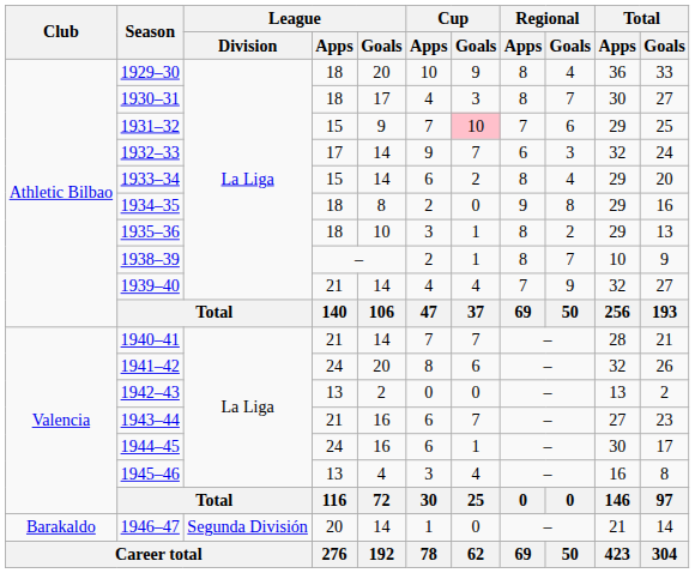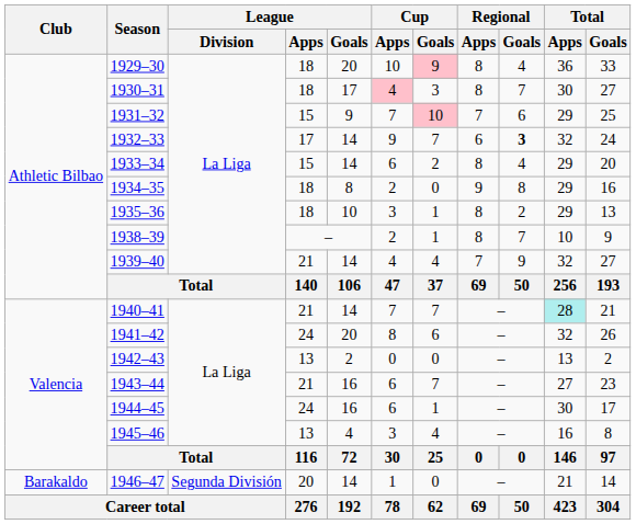 <table class="wikitable" style="text-align:center">
 <tr>
 <th rowspan="2">Club</th>
 <th rowspan="2">Season</th>
 <th colspan="3">League</th>
 <th colspan="2">Cup</th>
 <th colspan="2">Regional</th>
 <th colspan="2">Total</th>
 </tr>
 <tr>
 <th>Division</th>
 <th>Apps</th>
 <th>Goals</th>
 <th>Apps</th>
 <th>Goals</th>
 <th>Apps</th>
 <th>Goals</th>
 <th>Apps</th>
 <th>Goals</th>
 </tr>
 <tr>
 <td rowspan="10"><a href='#'>Athletic Bilbao</a></td>
 <td><a href='#'>1929–30</a></td>
 <td rowspan="9"><a href='#'>La Liga</a></td>
 <td>18</td>
 <td>20</td>
 <td>10</td>
-<td>9</td>
+<td style="background: pink;">9</td>
 <td>8</td>
 <td>4</td>
 <td>36</td>
 <td>33</td>
 </tr>
 <tr>
 <td><a href='#'>1930–31</a></td>
 <td>18</td>
 <td>17</td>
-<td>4</td>
+<td style="background: pink;">4</td>
 <td>3</td>
 <td>8</td>
 <td>7</td>
 <td>30</td>
 <td>27</td>
 </tr>
 <tr>
 <td><a href='#'>1931–32</a></td>
 <td>15</td>
 <td>9</td>
 <td>7</td>
 <td style="background: pink;">10</td>
 <td>7</td>
 <td>6</td>
 <td>29</td>
 <td>25</td>
 </tr>
 <tr>
 <td><a href='#'>1932–33</a></td>
 <td>17</td>
 <td>14</td>
 <td>9</td>
 <td>7</td>
 <td>6</td>
-<td>3</td>
+<td><strong>3</strong></td>
 <td>32</td>
 <td>24</td>
 </tr>
 <tr>
 <td><a href='#'>1933–34</a></td>
 <td>15</td>
 <td>14</td>
 <td>6</td>
 <td>2</td>
 <td>8</td>
 <td>4</td>
 <td>29</td>
 <td>20</td>
 </tr>
 <tr>
 <td><a href='#'>1934–35</a></td>
 <td>18</td>
 <td>8</td>
 <td>2</td>
 <td>0</td>
 <td>9</td>
 <td>8</td>
 <td>29</td>
 <td>16</td>
 </tr>
 <tr>
 <td><a href='#'>1935–36</a></td>
 <td>18</td>
 <td>10</td>
 <td>3</td>
 <td>1</td>
 <td>8</td>
 <td>2</td>
 <td>29</td>
 <td>13</td>
 </tr>
 <tr>
 <td><a href='#'>1938–39</a></td>
 <td colspan="2">–</td>
 <td>2</td>
 <td>1</td>
 <td>8</td>
 <td>7</td>
 <td>10</td>
 <td>9</td>
 </tr>
 <tr>
 <td><a href='#'>1939–40</a></td>
 <td>21</td>
 <td>14</td>
 <td>4</td>
 <td>4</td>
 <td>7</td>
 <td>9</td>
 <td>32</td>
 <td>27</td>
 </tr>
 <tr>
 <th colspan="2">Total</th>
 <th>140</th>
 <th>106</th>
 <th>47</th>
 <th>37</th>
 <th>69</th>
 <th>50</th>
 <th>256</th>
 <th>193</th>
 </tr>
 <tr>
 <td rowspan="7"><a href='#'>Valencia</a></td>
 <td><a href='#'>1940–41</a></td>
 <td rowspan="6">La Liga</td>
 <td>21</td>
 <td>14</td>
 <td>7</td>
 <td>7</td>
 <td colspan="2">–</td>
-<td>28</td>
+<td style="background: paleturquoise;">28</td>
 <td>21</td>
 </tr>
 <tr>
 <td><a href='#'>1941–42</a></td>
 <td>24</td>
 <td>20</td>
 <td>8</td>
 <td>6</td>
 <td colspan="2">–</td>
 <td>32</td>
 <td>26</td>
 </tr>
 <tr>
 <td><a href='#'>1942–43</a></td>
 <td>13</td>
 <td>2</td>
 <td>0</td>
 <td>0</td>
 <td colspan="2">–</td>
 <td>13</td>
 <td>2</td>
 </tr>
 <tr>
 <td><a href='#'>1943–44</a></td>
 <td>21</td>
 <td>16</td>
 <td>6</td>
 <td>7</td>
 <td colspan="2">–</td>
 <td>27</td>
 <td>23</td>
 </tr>
 <tr>
 <td><a href='#'>1944–45</a></td>
 <td>24</td>
 <td>16</td>
 <td>6</td>
 <td>1</td>
 <td colspan="2">–</td>
 <td>30</td>
 <td>17</td>
 </tr>
 <tr>
 <td><a href='#'>1945–46</a></td>
 <td>13</td>
 <td>4</td>
 <td>3</td>
 <td>4</td>
 <td colspan="2">–</td>
 <td>16</td>
 <td>8</td>
 </tr>
 <tr>
 <th colspan="2">Total</th>
 <th>116</th>
 <th>72</th>
 <th>30</th>
 <th>25</th>
 <th>0</th>
 <th>0</th>
 <th>146</th>
 <th>97</th>
 </tr>
 <tr>
 <td><a href='#'>Barakaldo</a></td>
 <td><a href='#'>1946–47</a></td>
 <td><a href='#'>Segunda División</a></td>
 <td>20</td>
 <td>14</td>
 <td>1</td>
 <td>0</td>
 <td colspan="2">–</td>
 <td>21</td>
 <td>14</td>
 </tr>
 <tr>
 <th colspan="3">Career total</th>
 <th>276</th>
 <th>192</th>
 <th>78</th>
 <th>62</th>
 <th>69</th>
 <th>50</th>
 <th>423</th>
 <th>304</th>
 </tr>
 </table>
